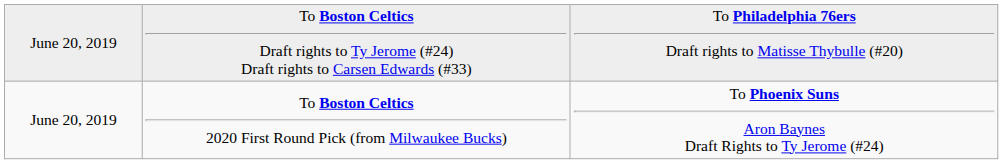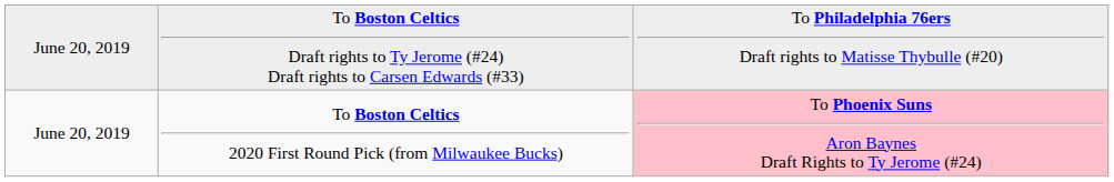 <table class="wikitable sortable sortable" style="text-align: center">
 <tr style="background:#eee;">
 <td style="width:10%">June 20, 2019</td>
 <td style="width:31%; vertical-align:top;">To <strong><a href='#'>Boston Celtics</a></strong><hr>Draft rights to <a href='#'>Ty Jerome</a> (#24)<br>Draft rights to <a href='#'>Carsen Edwards</a> (#33)</td>
 <td style="width:31%; vertical-align:top;">To <strong><a href='#'>Philadelphia 76ers</a></strong><hr>Draft rights to <a href='#'>Matisse Thybulle</a> (#20)</td>
 </tr>
 <tr>
 <td rowspan="2">June 20, 2019</td>
 <td>To <strong><a href='#'>Boston Celtics</a></strong><hr>2020 First Round Pick (from <a href='#'>Milwaukee Bucks</a>)</td>
-<td>To <strong><a href='#'>Phoenix Suns</a></strong><hr><a href='#'>Aron Baynes</a><br>Draft Rights to <a href='#'>Ty Jerome</a> (#24)</td>
+<td style="background: pink;">To <strong><a href='#'>Phoenix Suns</a></strong><hr><a href='#'>Aron Baynes</a><br>Draft Rights to <a href='#'>Ty Jerome</a> (#24)</td>
 </tr>
 </table>
